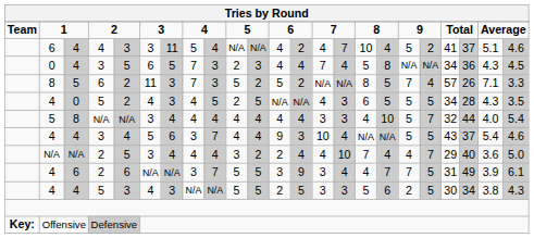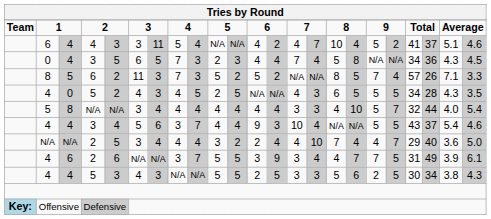 <table class="wikitable collapsible collapsed" style="text-align:center; line-height:100%; width:100%; font-size:90%">
 <tr>
 <th colspan="100%">Tries by Round</th>
 </tr>
 <tr>
 </tr>
 <tr>
 <td><strong>Team</strong></td>
 <td colspan=2><strong>1</strong></td>
 <td colspan=2><strong>2</strong></td>
 <td colspan=2><strong>3</strong></td>
 <td colspan=2><strong>4</strong></td>
 <td colspan=2><strong>5</strong></td>
 <td colspan=2><strong>6</strong></td>
 <td colspan=2><strong>7</strong></td>
 <td colspan=2><strong>8</strong></td>
 <td colspan=2><strong>9</strong></td>
 <td colspan=2><strong>Total</strong></td>
 <td colspan=2><strong>Average</strong></td>
 </tr>
 <tr>
 <td style="width:16%; text-align:left;"></td>
 <td width=2%> 6</td>
 <td style="width:2%; background:#ccc;">4</td>
 <td width=2%> 4</td>
 <td style="width:2%; background:#ccc;">3</td>
 <td width=2%> 3</td>
 <td style="width:2%; background:#ccc;">11</td>
 <td width=2%> 5</td>
 <td style="width:2%; background:#ccc;">4</td>
 <td width=2%> <small>N/A</small></td>
 <td style="width:2%; background:#ccc;"><small>N/A</small></td>
 <td width=2%>4</td>
 <td style="width:2%; background:#ccc;">2</td>
 <td width=2%>4</td>
 <td style="width:2%; background:#ccc;">7</td>
 <td width=2%>10</td>
 <td style="width:2%; background:#ccc;">4</td>
 <td width=2%>5</td>
 <td style="width:2%; background:#ccc;">2</td>
 <td width=2%>41</td>
 <td style="width:2%; background:#ccc;">37</td>
 <td width=2%>5.1</td>
 <td style="width:2%; background:#ccc;">4.6</td>
 </tr>
 <tr>
 <td align=left></td>
 <td> 0</td>
 <td style="background:#ccc;">4</td>
 <td> 3</td>
 <td style="background:#ccc;">5</td>
 <td> 6</td>
 <td style="background:#ccc;">5</td>
 <td> 7</td>
 <td style="background:#ccc;">3</td>
 <td> 2</td>
 <td style="background:#ccc;">3</td>
 <td> 4</td>
 <td style="background:#ccc;">4</td>
 <td> 7</td>
 <td style="background:#ccc;">4</td>
 <td> 5</td>
 <td style="background:#ccc;">8</td>
 <td> <small>N/A</small></td>
 <td style="background:#ccc;"><small>N/A</small></td>
 <td>34</td>
 <td style="background:#ccc;">36</td>
 <td>4.3</td>
 <td style="background:#ccc;">4.5</td>
 </tr>
 <tr>
 <td align=left></td>
 <td>8</td>
 <td style="background:#ccc;">5</td>
 <td>6</td>
 <td style="background:#ccc;">2</td>
 <td>11</td>
 <td style="background:#ccc;">3</td>
 <td>7</td>
 <td style="background:#ccc;">3</td>
 <td>5</td>
 <td style="background:#ccc;">2</td>
 <td>5</td>
 <td style="background:#ccc;">2</td>
 <td> <small>N/A</small></td>
 <td style="background:#ccc;"><small>N/A</small></td>
 <td>8</td>
 <td style="background:#ccc;">5</td>
 <td>7</td>
 <td style="background:#ccc;">4</td>
 <td>57</td>
 <td style="background:#ccc;">26</td>
 <td>7.1</td>
 <td style="background:#ccc;">3.3</td>
 </tr>
 <tr>
 <td align=left></td>
 <td>4</td>
 <td style="background:#ccc;">0</td>
 <td>5</td>
 <td style="background:#ccc;">2</td>
 <td>4</td>
 <td style="background:#ccc;">3</td>
 <td>4</td>
 <td style="background:#ccc;">5</td>
 <td> 2</td>
 <td style="background:#ccc;">5</td>
 <td> <small>N/A</small></td>
 <td style="background:#ccc;"><small>N/A</small></td>
 <td> 4</td>
 <td style="background:#ccc;">3</td>
 <td> 6</td>
 <td style="background:#ccc;">5</td>
 <td> 5</td>
 <td style="background:#ccc;">5</td>
 <td>34</td>
 <td style="background:#ccc;">28</td>
 <td>4.3</td>
 <td style="background:#ccc;">3.5</td>
 </tr>
 <tr>
 <td align=left></td>
 <td>5</td>
 <td style="background:#ccc;">8</td>
 <td><small>N/A</small></td>
 <td style="background:#ccc;"><small>N/A</small></td>
 <td>3</td>
 <td style="background:#ccc;">4</td>
 <td>4</td>
 <td style="background:#ccc;">4</td>
 <td>4</td>
 <td style="background:#ccc;">4</td>
 <td>4</td>
 <td style="background:#ccc;">4</td>
 <td>3</td>
 <td style="background:#ccc;">3</td>
 <td>4</td>
 <td style="background:#ccc;">10</td>
 <td>5</td>
 <td style="background:#ccc;">7</td>
 <td>32</td>
 <td style="background:#ccc;">44</td>
 <td>4.0</td>
 <td style="background:#ccc;">5.4</td>
 </tr>
 <tr>
 <td align=left></td>
 <td>4</td>
 <td style="background:#ccc;">4</td>
 <td>3</td>
 <td style="background:#ccc;">4</td>
 <td>5</td>
 <td style="background:#ccc;">6</td>
 <td>3</td>
 <td style="background:#ccc;">7</td>
 <td>4</td>
 <td style="background:#ccc;">4</td>
 <td>9</td>
 <td style="background:#ccc;">3</td>
 <td>10</td>
 <td style="background:#ccc;">4</td>
 <td> <small>N/A</small></td>
 <td style="background:#ccc;"><small>N/A</small></td>
 <td>5</td>
 <td style="background:#ccc;">5</td>
 <td>43</td>
 <td style="background:#ccc;">37</td>
 <td>5.4</td>
 <td style="background:#ccc;">4.6</td>
 </tr>
 <tr>
 <td align=left></td>
 <td><small>N/A</small></td>
 <td style="background:#ccc;"><small>N/A</small></td>
 <td>2</td>
 <td style="background:#ccc;">5</td>
 <td>3</td>
 <td style="background:#ccc;">4</td>
 <td>4</td>
 <td style="background:#ccc;">4</td>
 <td>3</td>
 <td style="background:#ccc;">2</td>
 <td>2</td>
 <td style="background:#ccc;">4</td>
 <td>4</td>
 <td style="background:#ccc;">10</td>
 <td>7</td>
 <td style="background:#ccc;">4</td>
 <td>4</td>
 <td style="background:#ccc;">7</td>
 <td>29</td>
 <td style="background:#ccc;">40</td>
 <td>3.6</td>
 <td style="background:#ccc;">5.0</td>
 </tr>
 <tr>
 <td align=left></td>
 <td>4</td>
 <td style="background:#ccc;">6</td>
 <td>2</td>
 <td style="background:#ccc;">6</td>
 <td> <small>N/A</small></td>
 <td style="background:#ccc;"><small>N/A</small></td>
 <td>3</td>
 <td style="background:#ccc;">7</td>
 <td>5</td>
 <td style="background:#ccc;">5</td>
 <td>3</td>
 <td style="background:#ccc;">9</td>
 <td>3</td>
 <td style="background:#ccc;">4</td>
 <td>4</td>
 <td style="background:#ccc;">7</td>
 <td>7</td>
 <td style="background:#ccc;">5</td>
 <td>31</td>
 <td style="background:#ccc;">49</td>
 <td>3.9</td>
 <td style="background:#ccc;">6.1</td>
 </tr>
 <tr>
 <td align=left></td>
 <td> 4</td>
 <td style="background:#ccc;">4</td>
 <td> 5</td>
 <td style="background:#ccc;">3</td>
 <td> 4</td>
 <td style="background:#ccc;">3</td>
 <td> <small>N/A</small></td>
 <td style="background:#ccc;"><small>N/A</small></td>
 <td>5</td>
 <td style="background:#ccc;">5</td>
 <td>2</td>
 <td style="background:#ccc;">5</td>
 <td>3</td>
 <td style="background:#ccc;">3</td>
 <td>5</td>
 <td style="background:#ccc;">6</td>
 <td>2</td>
 <td style="background:#ccc;">5</td>
 <td>30</td>
 <td style="background:#ccc;">34</td>
 <td>3.8</td>
 <td style="background:#ccc;">4.3</td>
 </tr>
 <tr>
 <td colspan="100%" style="text-align:center;"><br></td>
 </tr>
 <tr>
-<td><strong>Key:</strong></td>
+<td style="background: lightblue;"><strong>Key:</strong></td>
 <td colspan=2 style="text-align:center; font-size:90%">Offensive</td>
 <td colspan=2 style="background:#ccc; text-align:center; font-size:90%">Defensive</td>
 </tr>
 </table>
